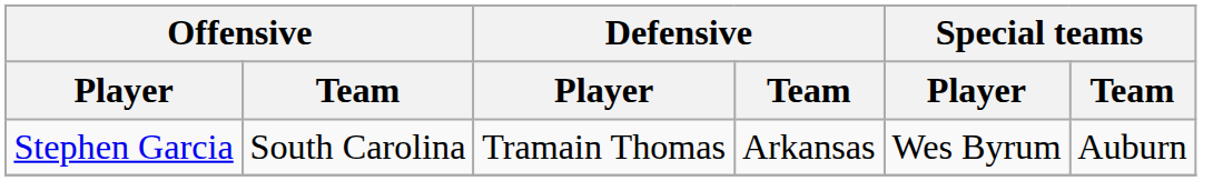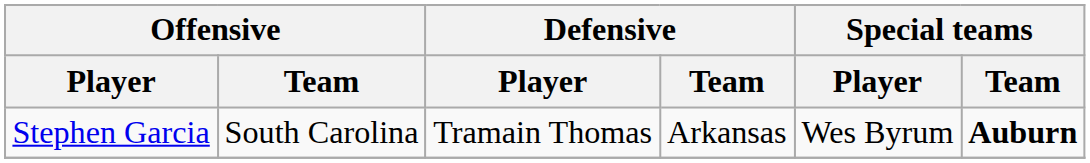 <table class="wikitable" border="1">
 <tr>
 <th colspan="2">Offensive</th>
 <th colspan="2">Defensive</th>
 <th colspan="2">Special teams</th>
 </tr>
 <tr>
 <th>Player</th>
 <th>Team</th>
 <th>Player</th>
 <th>Team</th>
 <th>Player</th>
 <th>Team</th>
 </tr>
 <tr>
 <td><a href='#'>Stephen Garcia</a></td>
 <td>South Carolina</td>
 <td>Tramain Thomas</td>
 <td>Arkansas</td>
 <td>Wes Byrum</td>
-<td>Auburn</td>
+<td><strong>Auburn</strong></td>
 </tr>
 <tr>
 </tr>
 </table>
